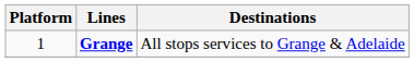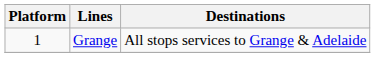 <table class="wikitable" style="float: none; margin: 0.5em; ">
 <tr>
 <th>Platform</th>
 <th>Lines</th>
 <th>Destinations</th>
 </tr>
 <tr>
 <td rowspan="1" style="text-align:center;">1</td>
-<td style=background:#><strong><a href='#'><span>Grange</span></a></strong></td>
+<td style=background:#><a href='#'><span>Grange</span></a></td>
 <td>All stops services to <a href='#'>Grange</a> & <a href='#'>Adelaide</a></td>
 </tr>
 <tr>
 </tr>
 </table>
